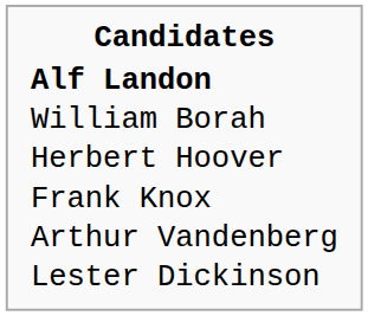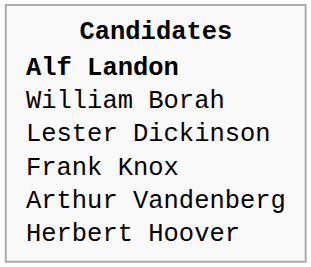 <table style="float; margin-left: 1em; margin-bottom: 0.5em" class="infobox">
 <tr>
 <td style="text-align: center"><span><strong>Candidates</strong></span></td>
 </tr>
 <tr>
 <td style="padding: 0 5px;"><strong> Alf Landon</strong></td>
 </tr>
 <tr>
 <td style="padding: 0 5px;"> William Borah</td>
 </tr>
 <tr>
-<td style="padding: 0 5px;"> Herbert Hoover</td>
+<td style="padding: 0 5px;"> Lester Dickinson</td>
 </tr>
 <tr>
 <td style="padding: 0 5px;"> Frank Knox</td>
 </tr>
 <tr>
 <td style="padding: 0 5px;"> Arthur Vandenberg</td>
 </tr>
 <tr>
-<td style="padding: 0 5px;"> Lester Dickinson</td>
+<td style="padding: 0 5px;"> Herbert Hoover</td>
 </tr>
 <tr>
 </tr>
 </table>
